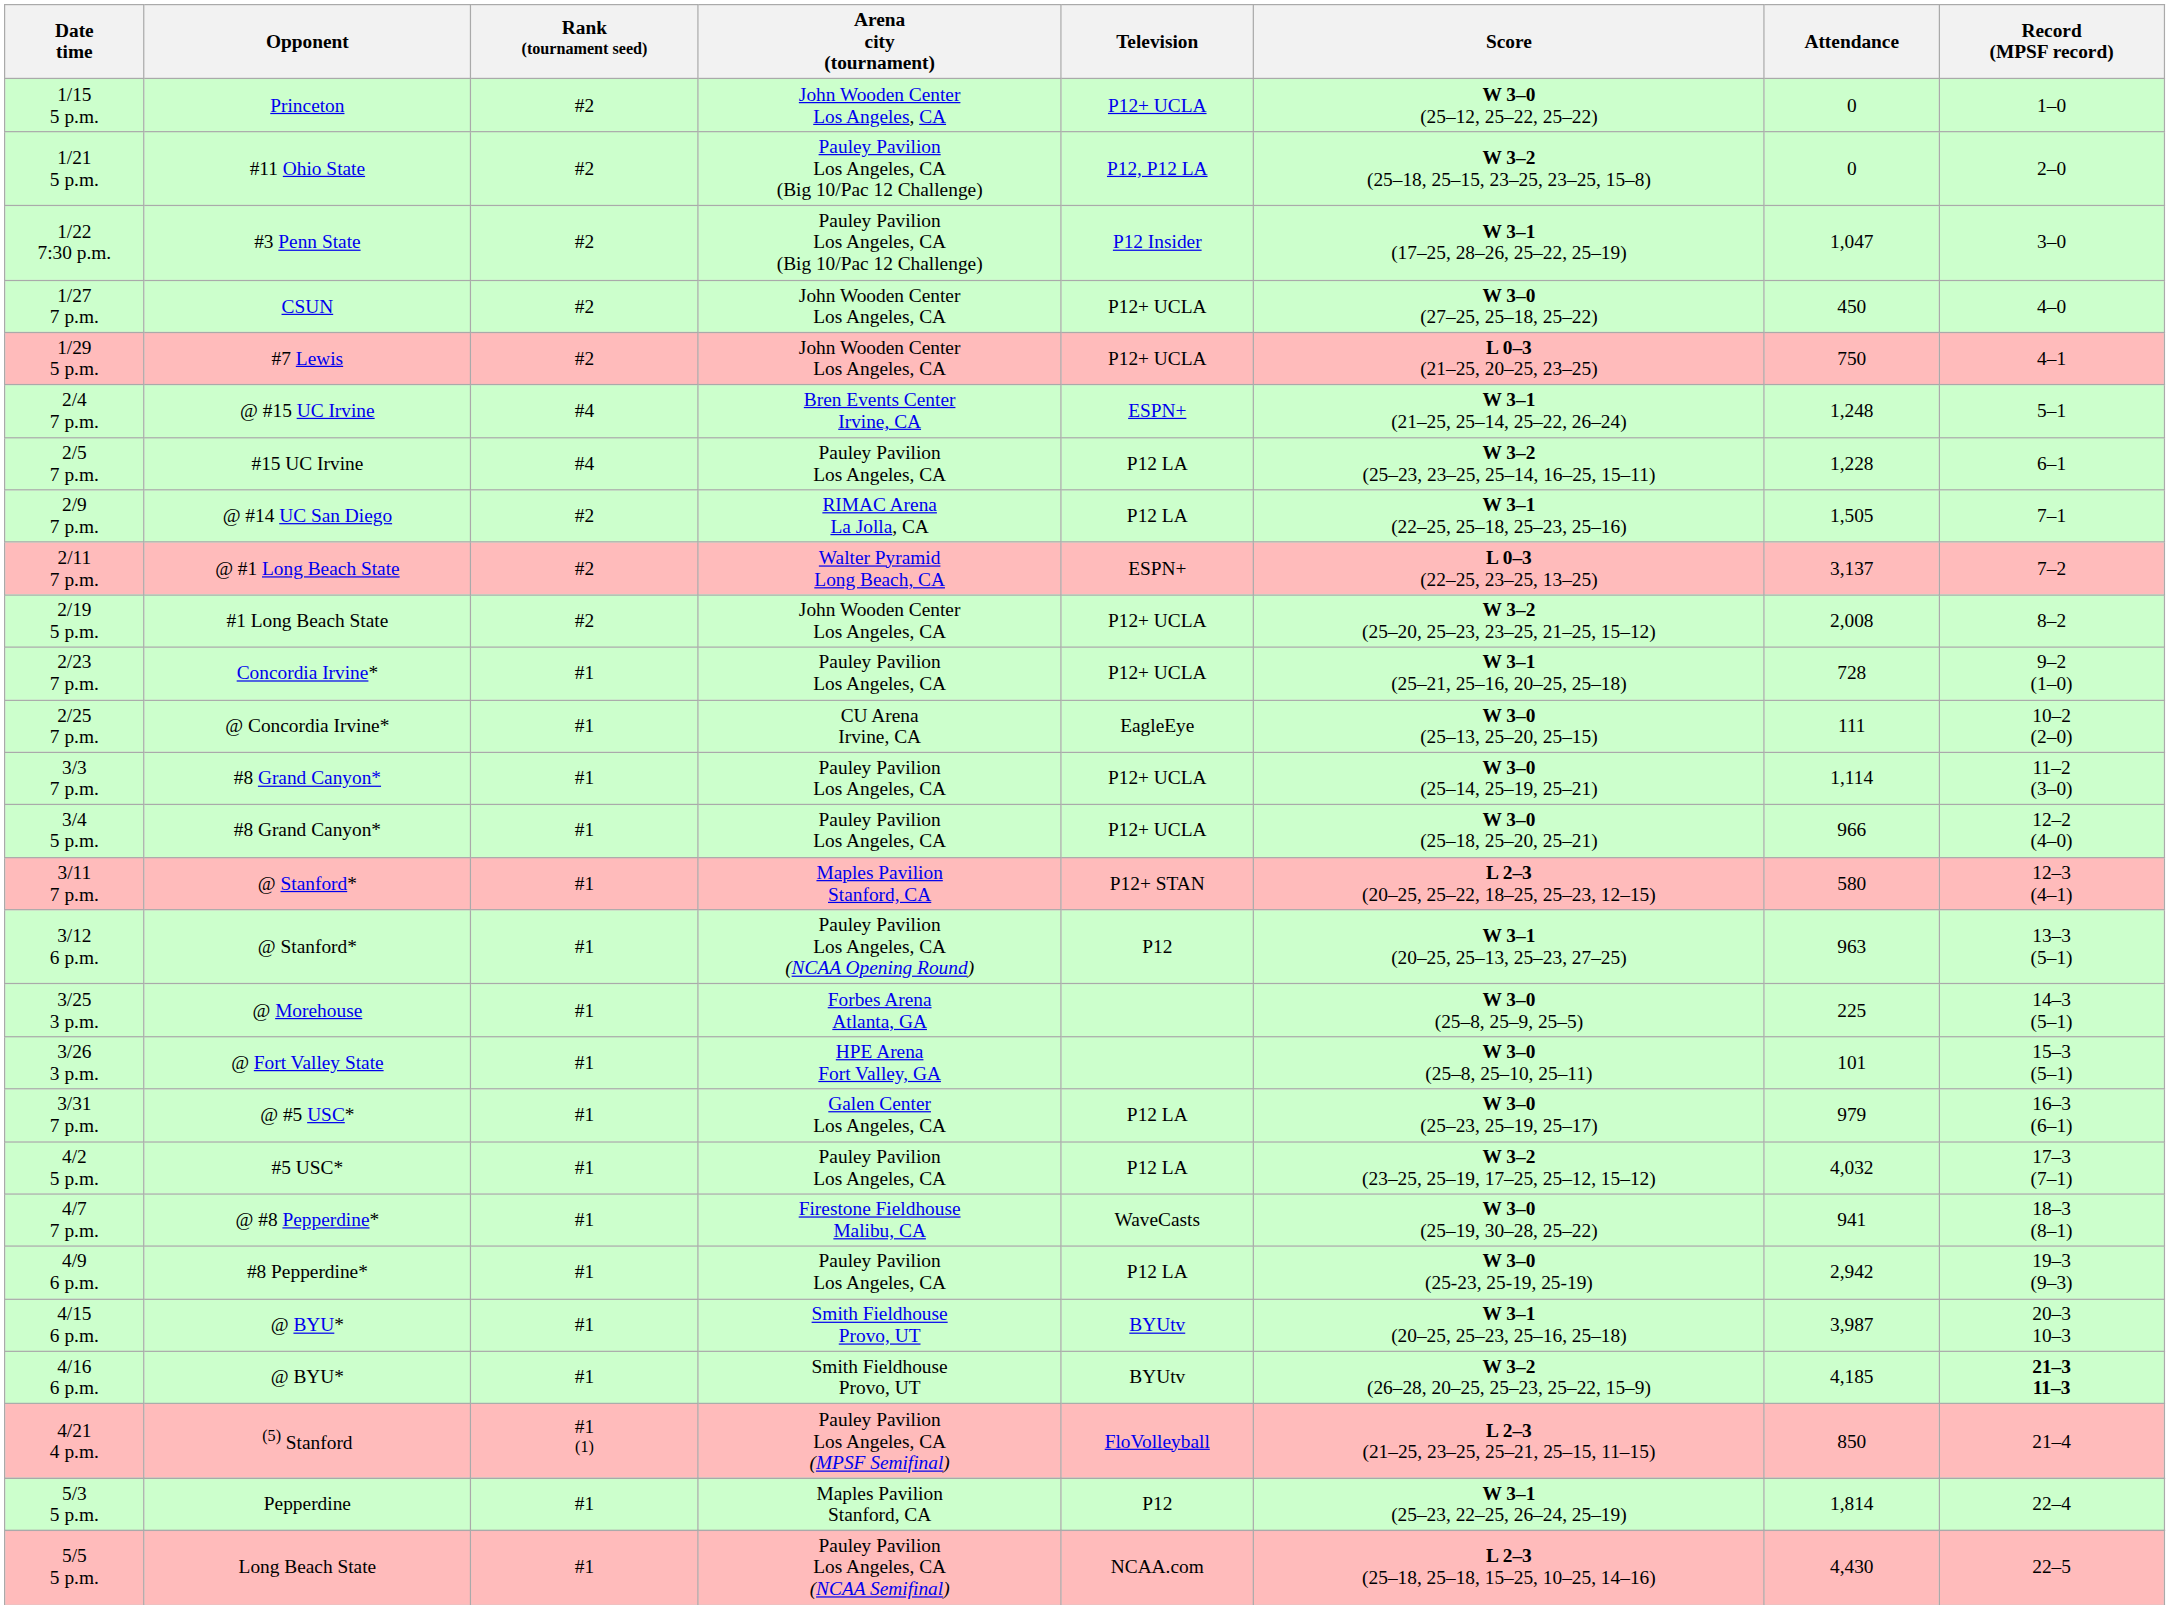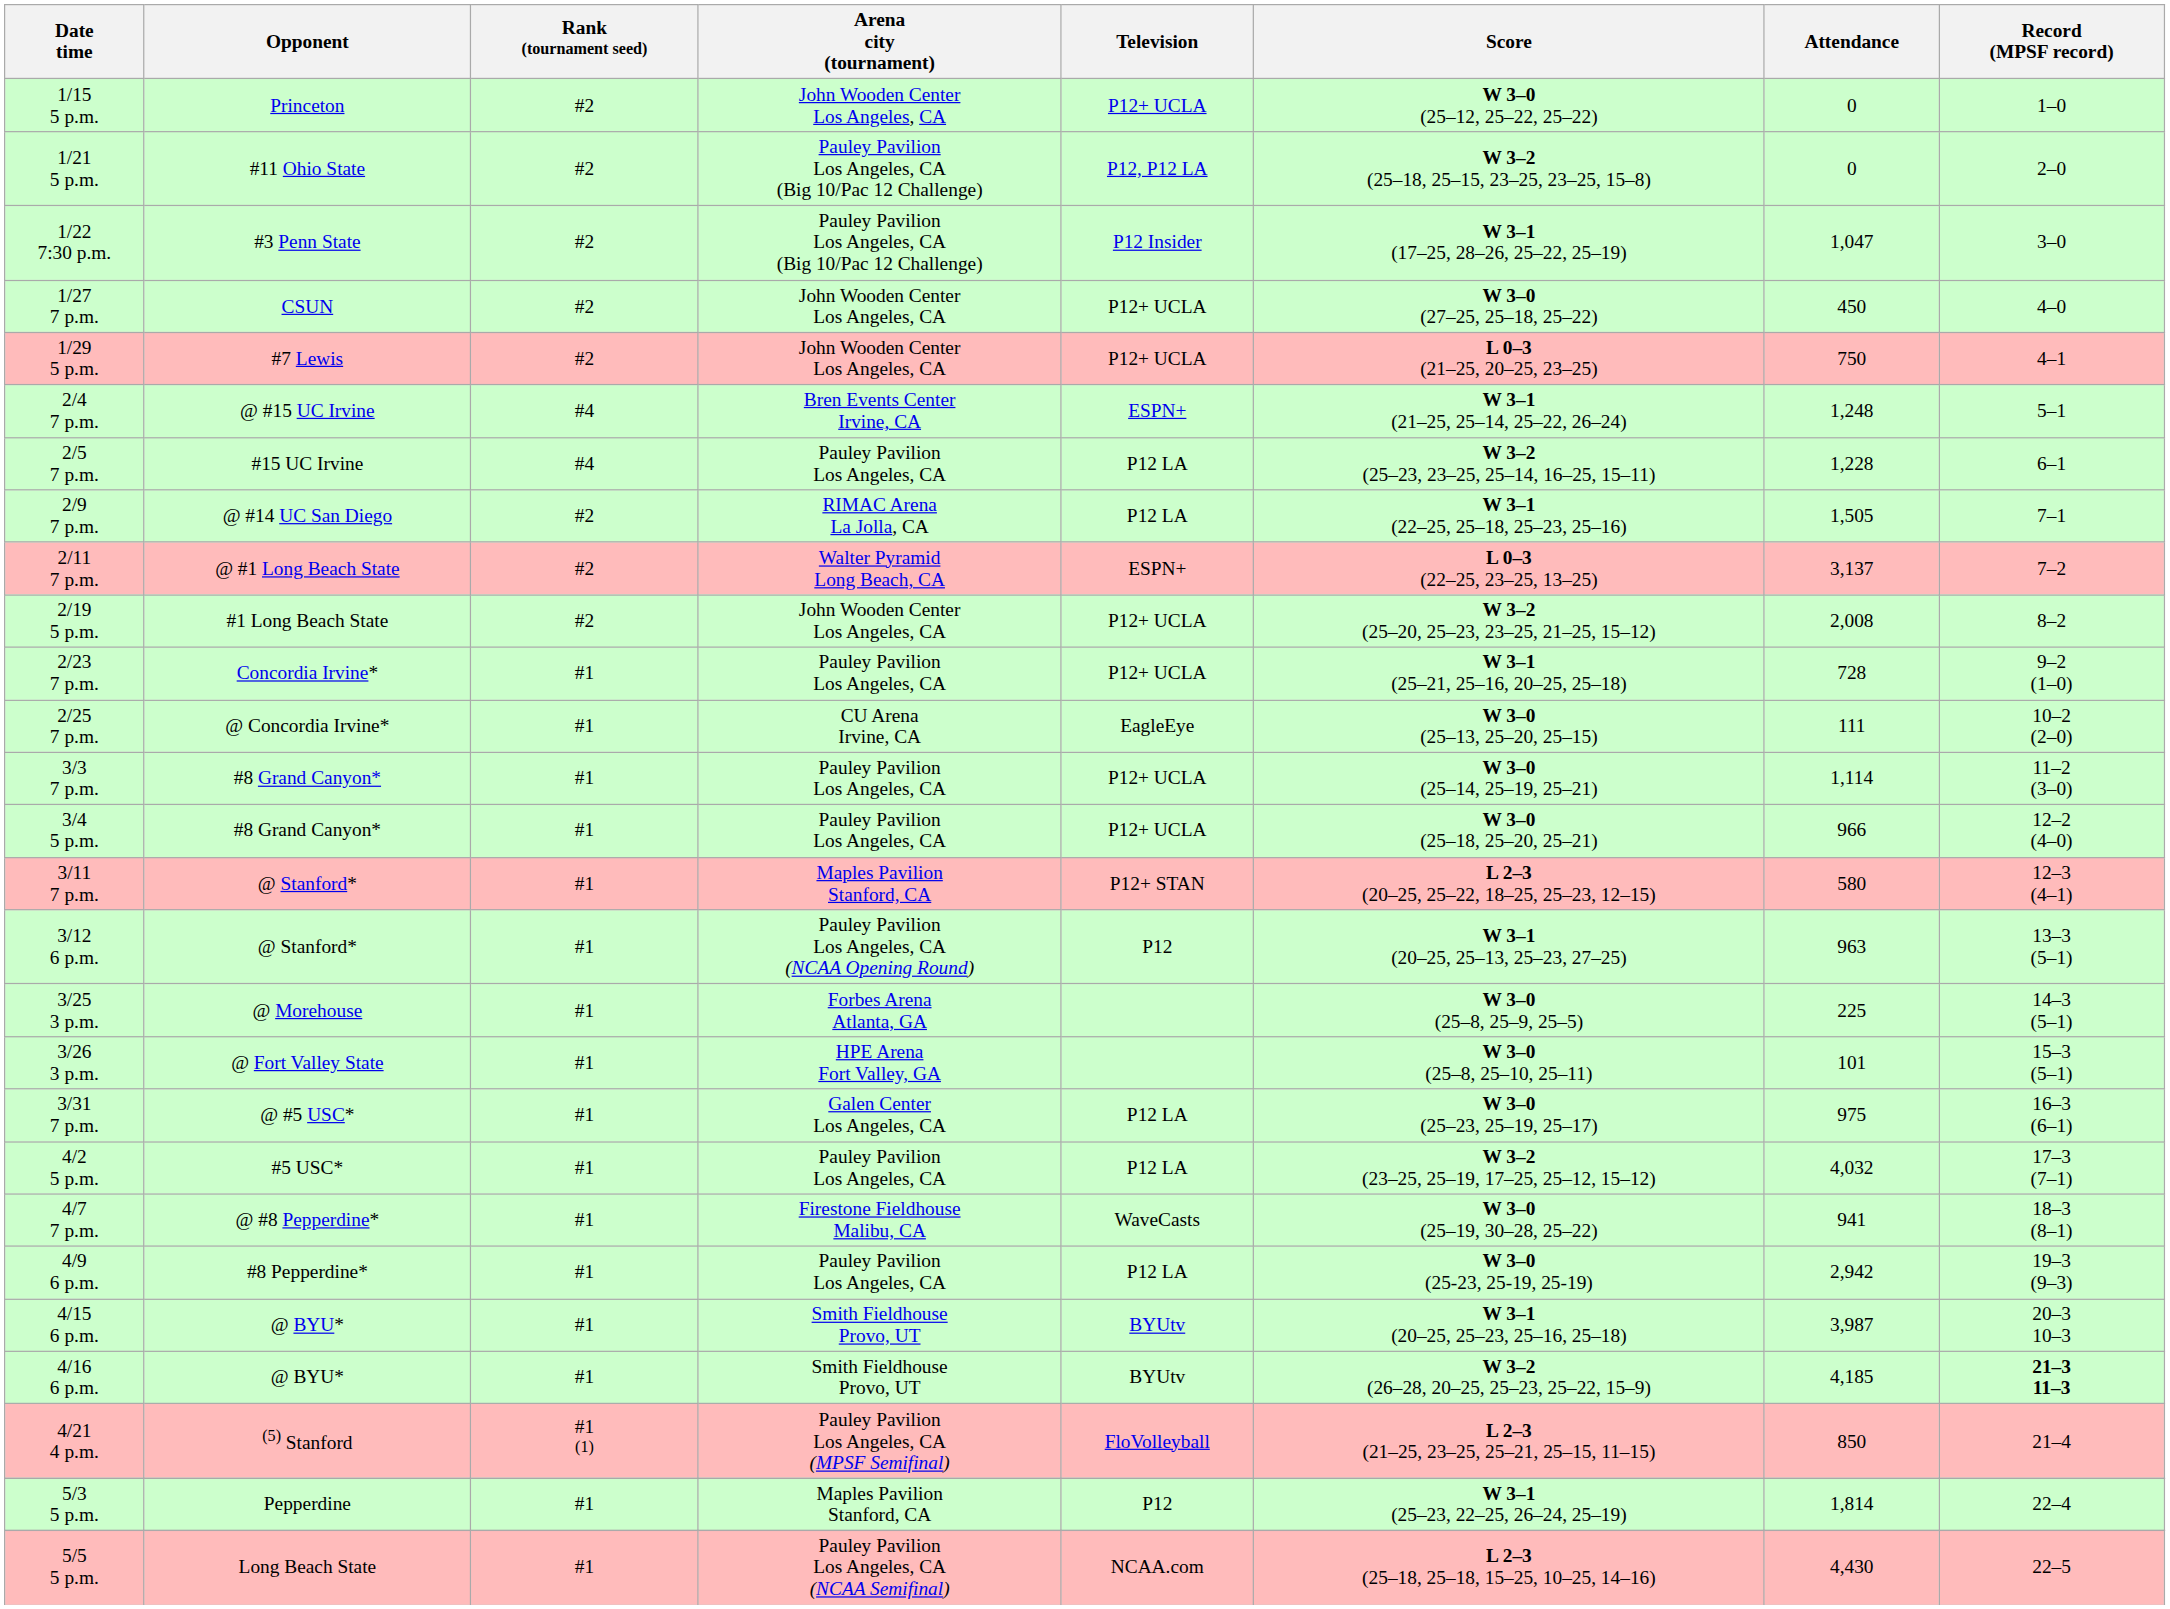 <table class="wikitable sortable" style="width:90%">
 <tr>
 <th>Date<br>time</th>
 <th>Opponent</th>
 <th>Rank<br><sup>(tournament seed)</sup></th>
 <th>Arena<br>city<br>(tournament)</th>
 <th>Television</th>
 <th>Score</th>
 <th>Attendance</th>
 <th>Record<br>(MPSF record)</th>
 </tr>
 <tr align="center" bgcolor="#ccffcc">
 <td>1/15<br>5 p.m.</td>
 <td><a href='#'>Princeton</a></td>
 <td>#2</td>
 <td><a href='#'>John Wooden Center</a><br><a href='#'>Los Angeles</a>, <a href='#'>CA</a></td>
 <td><a href='#'>P12+ UCLA</a></td>
 <td><strong>W 3–0</strong><br>(25–12, 25–22, 25–22)</td>
 <td>0</td>
 <td>1–0</td>
 </tr>
 <tr align="center" bgcolor="#ccffcc">
 <td>1/21<br>5 p.m.</td>
 <td>#11 <a href='#'>Ohio State</a></td>
 <td>#2</td>
 <td><a href='#'>Pauley Pavilion</a><br>Los Angeles, CA<br>(Big 10/Pac 12 Challenge)</td>
 <td><a href='#'>P12, P12 LA</a></td>
 <td><strong>W 3–2</strong><br>(25–18, 25–15, 23–25, 23–25, 15–8)</td>
 <td>0</td>
 <td>2–0</td>
 </tr>
 <tr align="center" bgcolor="#ccffcc">
 <td>1/22<br>7:30 p.m.</td>
 <td>#3 <a href='#'>Penn State</a></td>
 <td>#2</td>
 <td>Pauley Pavilion<br>Los Angeles, CA<br>(Big 10/Pac 12 Challenge)</td>
 <td><a href='#'>P12 Insider</a></td>
 <td><strong>W 3–1</strong><br> (17–25, 28–26, 25–22, 25–19)</td>
 <td>1,047</td>
 <td>3–0</td>
 </tr>
 <tr align="center" bgcolor="#ccffcc">
 <td>1/27<br>7 p.m.</td>
 <td><a href='#'>CSUN</a></td>
 <td>#2</td>
 <td>John Wooden Center<br>Los Angeles, CA</td>
 <td>P12+ UCLA</td>
 <td><strong>W 3–0</strong><br>(27–25, 25–18, 25–22)</td>
 <td>450</td>
 <td>4–0</td>
 </tr>
 <tr align="center" bgcolor="#ffbbbb">
 <td>1/29<br>5 p.m.</td>
 <td>#7 <a href='#'>Lewis</a></td>
 <td>#2</td>
 <td>John Wooden Center<br>Los Angeles, CA</td>
 <td>P12+ UCLA</td>
 <td><strong>L 0–3</strong><br>(21–25, 20–25, 23–25)</td>
 <td>750</td>
 <td>4–1</td>
 </tr>
 <tr align="center" bgcolor="#ccffcc">
 <td>2/4<br>7 p.m.</td>
 <td>@ #15 <a href='#'>UC Irvine</a></td>
 <td>#4</td>
 <td><a href='#'>Bren Events Center</a><br><a href='#'>Irvine, CA</a></td>
 <td><a href='#'>ESPN+</a></td>
 <td><strong>W 3–1</strong><br>(21–25, 25–14, 25–22, 26–24)</td>
 <td>1,248</td>
 <td>5–1</td>
 </tr>
 <tr align="center" bgcolor="#ccffcc">
 <td>2/5<br>7 p.m.</td>
 <td>#15 UC Irvine</td>
 <td>#4</td>
 <td>Pauley Pavilion<br>Los Angeles, CA</td>
 <td>P12 LA</td>
 <td><strong>W 3–2</strong><br>(25–23, 23–25, 25–14, 16–25, 15–11)</td>
 <td>1,228</td>
 <td>6–1</td>
 </tr>
 <tr align="center" bgcolor="#ccffcc">
 <td>2/9<br>7 p.m.</td>
 <td>@ #14 <a href='#'>UC San Diego</a></td>
 <td>#2</td>
 <td><a href='#'>RIMAC Arena</a><br><a href='#'>La Jolla</a>, CA</td>
 <td>P12 LA</td>
 <td><strong>W 3–1</strong><br>(22–25, 25–18, 25–23, 25–16)</td>
 <td>1,505</td>
 <td>7–1</td>
 </tr>
 <tr align="center" bgcolor="#ffbbbb">
 <td>2/11<br>7 p.m.</td>
 <td>@ #1 <a href='#'>Long Beach State</a></td>
 <td>#2</td>
 <td><a href='#'>Walter Pyramid</a><br><a href='#'>Long Beach, CA</a></td>
 <td>ESPN+</td>
 <td><strong>L 0–3</strong><br>(22–25, 23–25, 13–25)</td>
 <td>3,137</td>
 <td>7–2</td>
 </tr>
 <tr align="center" bgcolor="#ccffcc">
 <td>2/19<br>5 p.m.</td>
 <td>#1 Long Beach State</td>
 <td>#2</td>
 <td>John Wooden Center<br>Los Angeles, CA</td>
 <td>P12+ UCLA</td>
 <td><strong>W 3–2</strong><br>(25–20, 25–23, 23–25, 21–25, 15–12)</td>
 <td>2,008</td>
 <td>8–2</td>
 </tr>
 <tr align="center" bgcolor="#ccffcc">
 <td>2/23<br>7 p.m.</td>
 <td><a href='#'>Concordia Irvine</a>*</td>
 <td>#1</td>
 <td>Pauley Pavilion<br>Los Angeles, CA</td>
 <td>P12+ UCLA</td>
 <td><strong>W 3–1</strong><br>(25–21, 25–16, 20–25, 25–18)</td>
 <td>728</td>
 <td>9–2<br>(1–0)</td>
 </tr>
 <tr align="center" bgcolor="#ccffcc">
 <td>2/25<br>7 p.m.</td>
 <td>@ Concordia Irvine*</td>
 <td>#1</td>
 <td>CU Arena<br>Irvine, CA</td>
 <td>EagleEye</td>
 <td><strong>W 3–0</strong><br>(25–13, 25–20, 25–15)</td>
 <td>111</td>
 <td>10–2<br>(2–0)</td>
 </tr>
 <tr align="center" bgcolor="#ccffcc">
 <td>3/3<br>7 p.m.</td>
 <td>#8 <a href='#'>Grand Canyon*</a></td>
 <td>#1</td>
 <td>Pauley Pavilion<br>Los Angeles, CA</td>
 <td>P12+ UCLA</td>
 <td><strong>W 3–0</strong><br>(25–14, 25–19, 25–21)</td>
 <td>1,114</td>
 <td>11–2<br>(3–0)</td>
 </tr>
 <tr align="center" bgcolor="#ccffcc">
 <td>3/4<br>5 p.m.</td>
 <td>#8 Grand Canyon*</td>
 <td>#1</td>
 <td>Pauley Pavilion<br>Los Angeles, CA</td>
 <td>P12+ UCLA</td>
 <td><strong>W 3–0</strong><br>(25–18, 25–20, 25–21)</td>
 <td>966</td>
 <td>12–2<br>(4–0)</td>
 </tr>
 <tr align="center" bgcolor="#ffbbbb">
 <td>3/11<br>7 p.m.</td>
 <td>@ <a href='#'>Stanford</a>*</td>
 <td>#1</td>
 <td><a href='#'>Maples Pavilion</a><br><a href='#'>Stanford, CA</a></td>
 <td>P12+ STAN</td>
 <td><strong>L 2–3</strong><br>(20–25, 25–22, 18–25, 25–23, 12–15)</td>
 <td>580</td>
 <td>12–3<br>(4–1)</td>
 </tr>
 <tr align="center" bgcolor="#ccffcc">
 <td>3/12<br>6 p.m.</td>
 <td>@ Stanford*</td>
 <td>#1</td>
 <td>Pauley Pavilion<br>Los Angeles, CA<br><em>(<a href='#'>NCAA Opening Round</a>)</em></td>
 <td>P12</td>
 <td><strong>W 3–1</strong><br>(20–25, 25–13, 25–23, 27–25)</td>
 <td>963</td>
 <td>13–3<br>(5–1)</td>
 </tr>
 <tr align="center"  bgcolor="#ccffcc">
 <td>3/25<br>3 p.m.</td>
 <td>@ <a href='#'>Morehouse</a></td>
 <td>#1</td>
 <td><a href='#'>Forbes Arena</a><br><a href='#'>Atlanta, GA</a></td>
 <td></td>
 <td><strong>W 3–0</strong><br>(25–8, 25–9, 25–5)</td>
 <td>225</td>
 <td>14–3<br>(5–1)</td>
 </tr>
 <tr align="center" bgcolor="#ccffcc">
 <td>3/26<br>3 p.m.</td>
 <td>@ <a href='#'>Fort Valley State</a></td>
 <td>#1</td>
 <td><a href='#'>HPE Arena</a><br><a href='#'>Fort Valley, GA</a></td>
 <td></td>
 <td><strong>W 3–0</strong><br>(25–8, 25–10, 25–11)</td>
 <td>101</td>
 <td>15–3<br>(5–1)</td>
 </tr>
 <tr align="center" bgcolor="#ccffcc">
 <td>3/31<br>7 p.m.</td>
 <td>@ #5 <a href='#'>USC</a>*</td>
 <td>#1</td>
 <td><a href='#'>Galen Center</a><br>Los Angeles, CA</td>
 <td>P12 LA</td>
 <td><strong>W 3–0</strong><br>(25–23, 25–19, 25–17)</td>
-<td>979</td>
+<td>975</td>
 <td>16–3<br>(6–1)</td>
 </tr>
 <tr align="center" bgcolor="#ccffcc">
 <td>4/2<br>5 p.m.</td>
 <td>#5 USC*</td>
 <td>#1</td>
 <td>Pauley Pavilion<br>Los Angeles, CA</td>
 <td>P12 LA</td>
 <td><strong>W 3–2</strong><br>(23–25, 25–19, 17–25, 25–12, 15–12)</td>
 <td>4,032</td>
 <td>17–3<br>(7–1)</td>
 </tr>
 <tr align="center" bgcolor="#ccffcc">
 <td>4/7<br>7 p.m.</td>
 <td>@ #8 <a href='#'>Pepperdine</a>*</td>
 <td>#1</td>
 <td><a href='#'>Firestone Fieldhouse</a><br><a href='#'>Malibu, CA</a></td>
 <td>WaveCasts</td>
 <td><strong>W 3–0</strong><br>(25–19, 30–28, 25–22)</td>
 <td>941</td>
 <td>18–3<br>(8–1)</td>
 </tr>
 <tr align="center" bgcolor="#ccffcc">
 <td>4/9<br>6 p.m.</td>
 <td>#8 Pepperdine*</td>
 <td>#1</td>
 <td>Pauley Pavilion<br>Los Angeles, CA</td>
 <td>P12 LA</td>
 <td><strong>W 3–0</strong><br>(25-23, 25-19, 25-19)</td>
 <td>2,942</td>
 <td>19–3<br>(9–3)</td>
 </tr>
 <tr align="center" bgcolor="#ccffcc">
 <td>4/15<br>6 p.m.</td>
 <td>@ <a href='#'>BYU</a>*</td>
 <td>#1</td>
 <td><a href='#'>Smith Fieldhouse</a><br><a href='#'>Provo, UT</a></td>
 <td><a href='#'>BYUtv</a></td>
 <td><strong>W 3–1</strong> <br>(20–25, 25–23, 25–16, 25–18)</td>
 <td>3,987</td>
 <td>20–3<br>10–3</td>
 </tr>
 <tr align="center" bgcolor="#ccffcc">
 <td>4/16<br>6 p.m.</td>
 <td>@ BYU*</td>
 <td>#1</td>
 <td>Smith Fieldhouse<br>Provo, UT</td>
 <td>BYUtv</td>
 <td><strong>W 3–2</strong><br>(26–28, 20–25, 25–23, 25–22, 15–9)</td>
 <td>4,185</td>
 <td><strong>21–3<br>11–3</strong></td>
 </tr>
 <tr align="center" bgcolor="#ffbbbb">
 <td>4/21<br>4 p.m.</td>
 <td><sup>(5)</sup> Stanford</td>
 <td>#1<br><sup>(1)</sup></td>
 <td>Pauley Pavilion<br>Los Angeles, CA<br><em>(<a href='#'>MPSF Semifinal</a>)</em></td>
 <td><a href='#'>FloVolleyball</a></td>
 <td><strong>L 2–3</strong><br>(21–25, 23–25, 25–21, 25–15, 11–15)</td>
 <td>850</td>
 <td>21–4</td>
 </tr>
 <tr>
 </tr>
 <tr align="center" bgcolor="#ccffcc">
 <td>5/3<br>5 p.m.</td>
 <td>Pepperdine</td>
 <td>#1</td>
 <td>Maples Pavilion<br>Stanford, CA</td>
 <td>P12</td>
 <td><strong>W 3–1</strong><br>(25–23, 22–25, 26–24, 25–19)</td>
 <td>1,814</td>
 <td>22–4</td>
 </tr>
 <tr>
 </tr>
 <tr align="center" bgcolor="#ffbbbb">
 <td>5/5<br>5 p.m.</td>
 <td>Long Beach State</td>
 <td>#1</td>
 <td>Pauley Pavilion<br>Los Angeles, CA<br><em>(<a href='#'>NCAA Semifinal</a>)</em></td>
 <td>NCAA.com</td>
 <td><strong>L 2–3</strong><br>(25–18, 25–18, 15–25, 10–25, 14–16)</td>
 <td>4,430</td>
 <td>22–5</td>
 </tr>
 </table>
